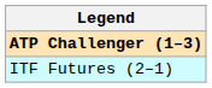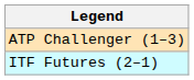 <table class=wikitable style=font-size:97%>
 <tr>
 <th>Legend</th>
 </tr>
 <tr bgcolor=moccasin>
-<td><strong>ATP Challenger (1–3)</strong></td>
+<td>ATP Challenger (1–3)</td>
 </tr>
 <tr bgcolor=cffcff>
 <td>ITF Futures (2–1)</td>
 </tr>
 </table>
